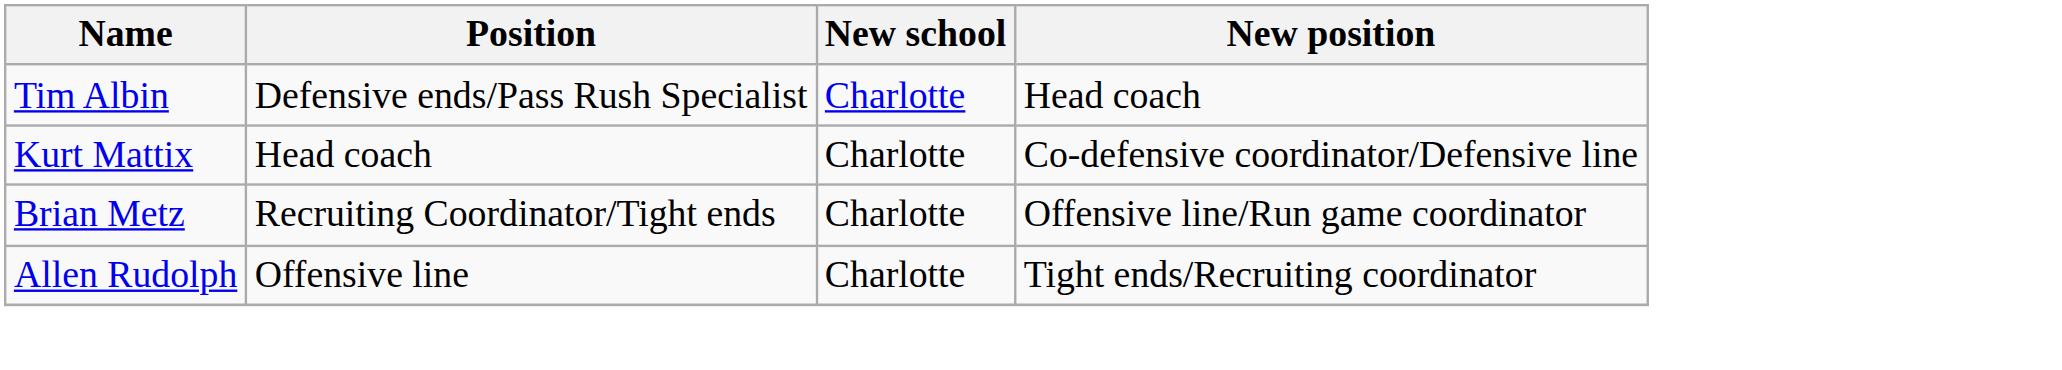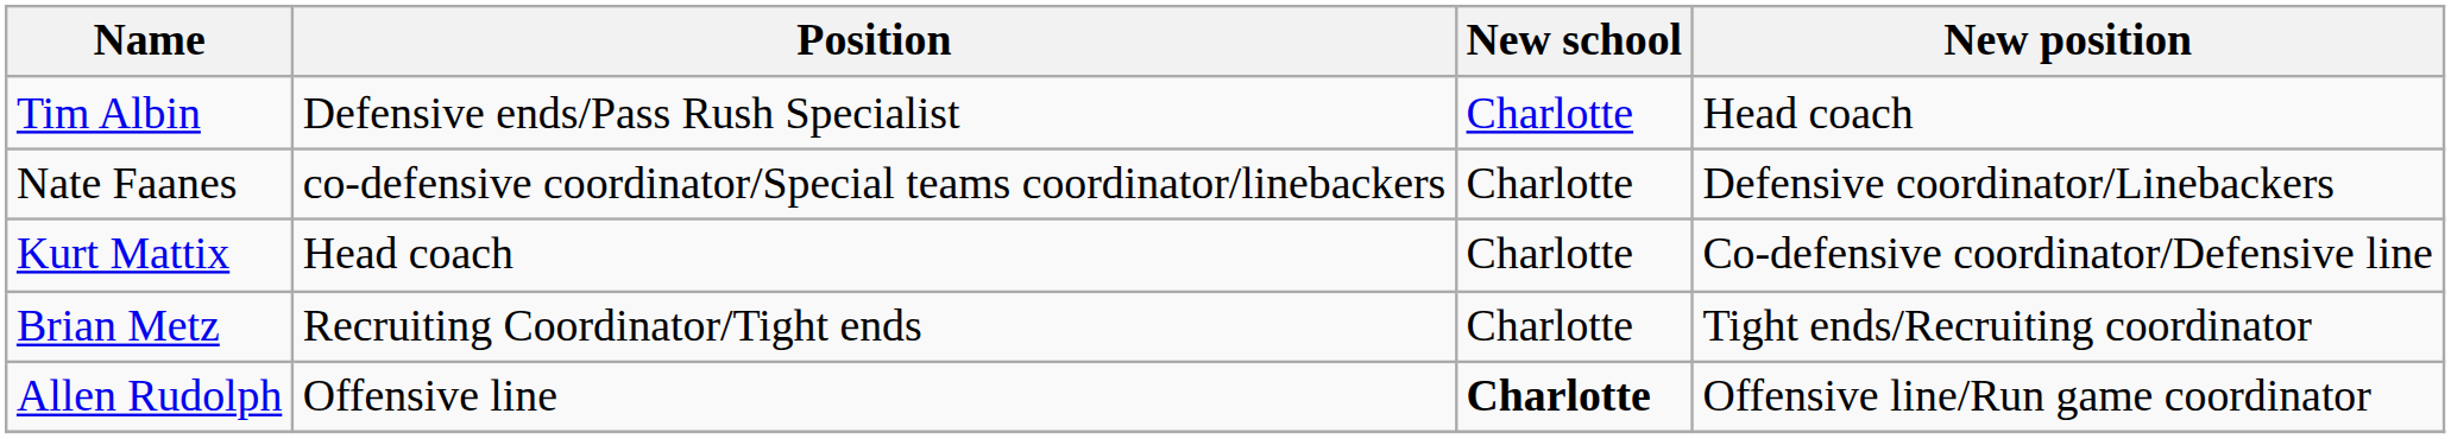 <table class="wikitable">
 <tr>
 <th style="text-align:center;">Name</th>
 <th style="text-align:center;">Position</th>
 <th style="text-align:center;">New school</th>
 <th style="text-align:center;">New position</th>
 </tr>
 <tr>
 <td><a href='#'>Tim Albin</a></td>
 <td>Defensive ends/Pass Rush Specialist</td>
 <td><a href='#'>Charlotte</a></td>
 <td>Head coach</td>
 </tr>
 <tr>
+<td>Nate Faanes</td>
+<td>co-defensive coordinator/Special teams coordinator/linebackers</td>
+<td>Charlotte</td>
+<td>Defensive coordinator/Linebackers</td>
+</tr>
+<tr>
 <td><a href='#'>Kurt Mattix</a></td>
 <td>Head coach</td>
 <td>Charlotte</td>
 <td>Co-defensive coordinator/Defensive line</td>
 </tr>
 <tr>
 <td><a href='#'>Brian Metz</a></td>
 <td>Recruiting Coordinator/Tight ends</td>
 <td>Charlotte</td>
-<td>Offensive line/Run game coordinator</td>
+<td>Tight ends/Recruiting coordinator</td>
 </tr>
 <tr>
 <td><a href='#'>Allen Rudolph</a></td>
 <td>Offensive line</td>
-<td>Charlotte</td>
-<td>Tight ends/Recruiting coordinator</td>
+<td><strong>Charlotte</strong></td>
+<td>Offensive line/Run game coordinator</td>
 </tr>
 <tr>
 </tr>
 </table>
